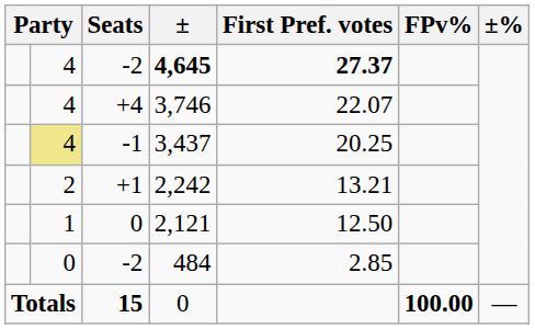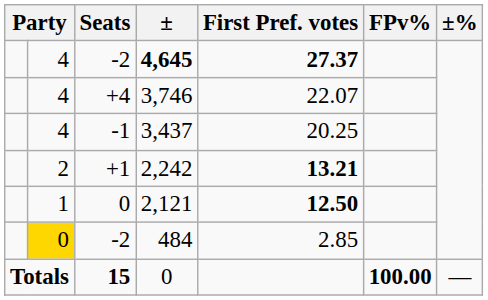 <table class=wikitable>
 <tr>
 <th colspan=2 align=center>Party</th>
 <th valign=top>Seats</th>
 <th valign=top>±</th>
 <th valign=top>First Pref. votes</th>
 <th valign=top>FPv%</th>
 <th valign=top>±%</th>
 </tr>
 <tr>
 <td></td>
 <td align=right>4</td>
 <td align=right>-2</td>
 <td align=right><strong>4,645</strong></td>
 <td align=right><strong>27.37</strong></td>
 <td align=right></td>
 </tr>
 <tr>
 <td></td>
 <td align=right>4</td>
 <td align=right>+4</td>
 <td align=right>3,746</td>
 <td align=right>22.07</td>
 <td align=right></td>
 </tr>
 <tr>
 <td></td>
-<td align=right style="background: khaki;">4</td>
+<td align=right>4</td>
 <td align=right>-1</td>
 <td align=right>3,437</td>
 <td align=right>20.25</td>
 <td align=right></td>
 </tr>
 <tr>
 <td></td>
 <td align=right>2</td>
 <td align=right>+1</td>
 <td align=right>2,242</td>
-<td align=right>13.21</td>
+<td align=right><strong>13.21</strong></td>
 <td align=right></td>
 </tr>
 <tr>
 <td></td>
 <td align=right>1</td>
 <td align=right>0</td>
 <td align=right>2,121</td>
-<td align=right>12.50</td>
+<td align=right><strong>12.50</strong></td>
 <td align=right></td>
 </tr>
 <tr>
 <td></td>
-<td align=right>0</td>
+<td align=right style="background: gold;">0</td>
 <td align=right>-2</td>
 <td align=right>484</td>
 <td align=right>2.85</td>
 <td align=right></td>
 </tr>
 <tr>
 <td colspan=2 align=center><strong>Totals</strong></td>
 <td align=right><strong>15</strong></td>
 <td align=center>0</td>
 <td align=right></td>
 <td align=center><strong>100.00</strong></td>
 <td align=center>—</td>
 </tr>
 </table>
